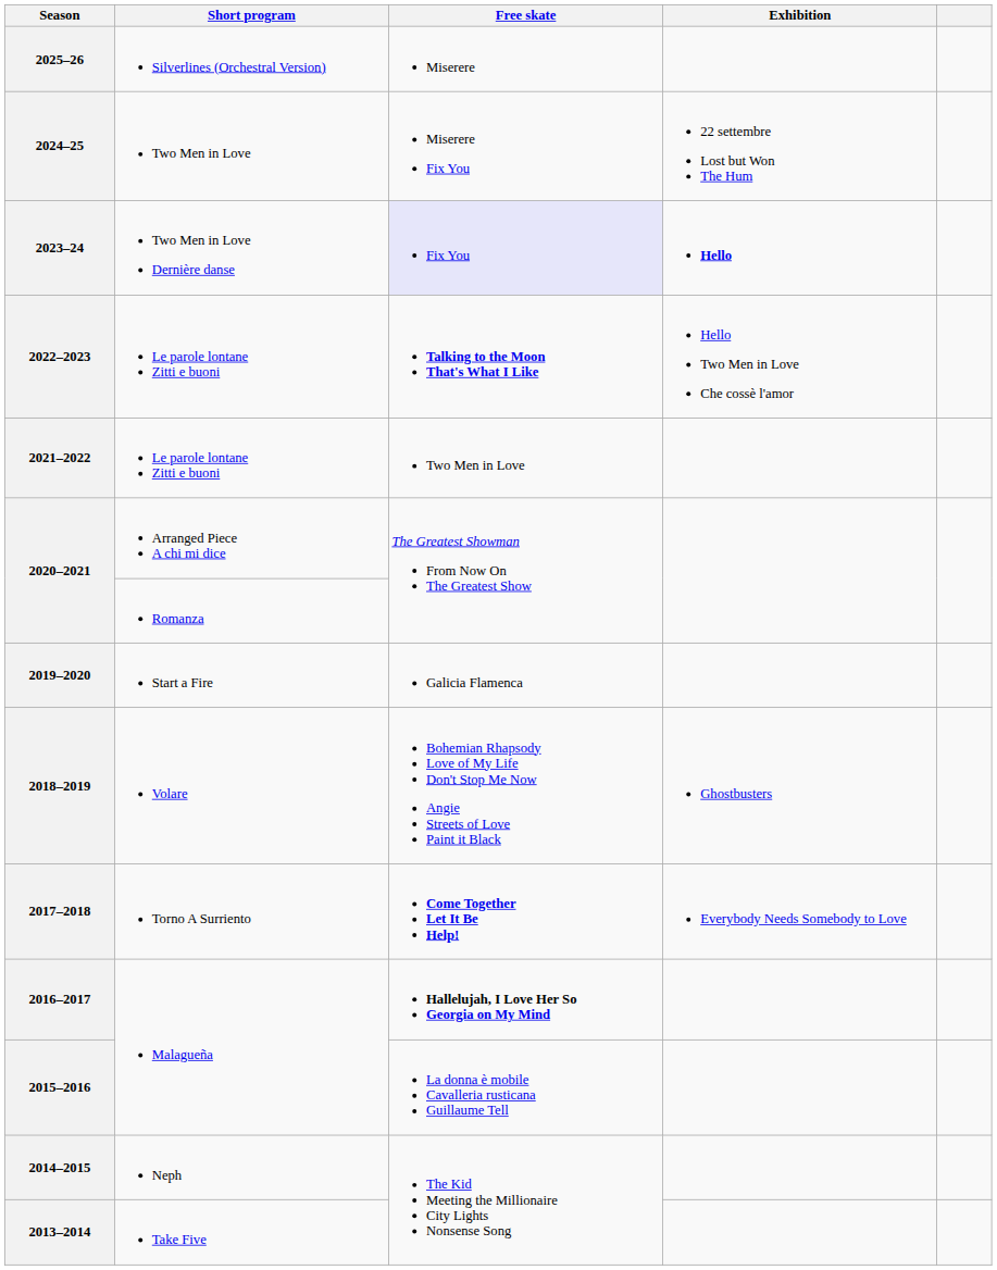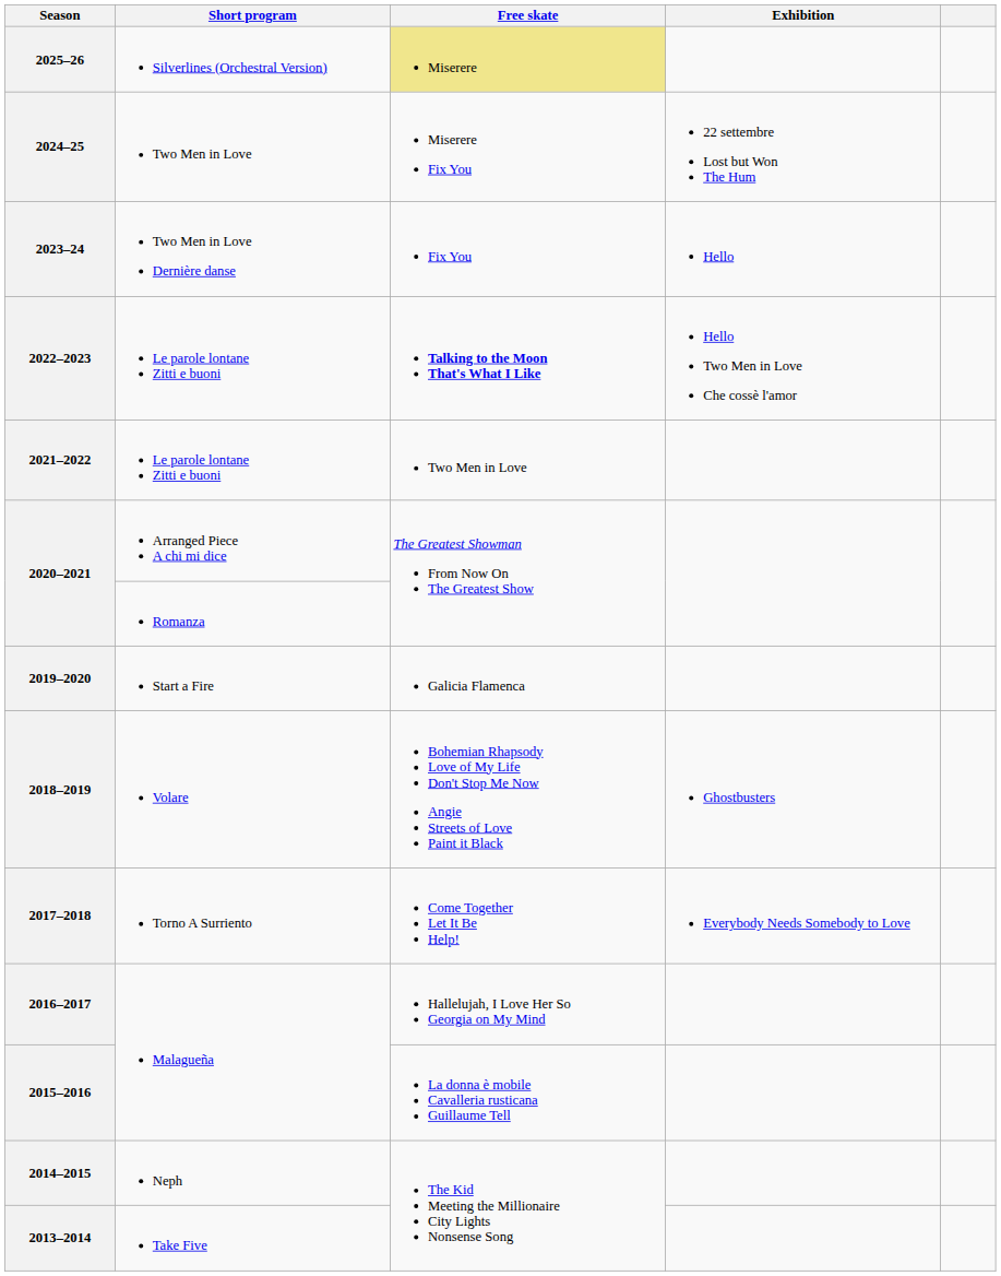 <table class="wikitable unsortable" style="text-align:left">
 <tr>
 <th scope="col" style="text-align:center; width:10%">Season</th>
 <th scope="col" style="text-align:center; width:25%"><a href='#'>Short program</a></th>
 <th scope="col" style="text-align:center; width:25%"><a href='#'>Free skate</a></th>
 <th scope="col" style="text-align:center; width:25%">Exhibition</th>
 <th scope="col" style="text-align:center; width:5%"></th>
 </tr>
 <tr>
 <th scope="row">2025–26</th>
 <td><br><ul><li><a href='#'>Silverlines (Orchestral Version)</a> <br> </li></ul></td>
-<td><br><ul><li>Miserere <br> </li></ul></td>
+<td style="background: khaki;"><br><ul><li>Miserere <br> </li></ul></td>
 <td></td>
 <td></td>
 </tr>
 <tr>
 <th scope="row">2024–25</th>
 <td><br><ul><li>Two Men in Love <br> </li></ul></td>
 <td><br><ul><li>Miserere <br> </li></ul><ul><li><a href='#'>Fix You</a> <br></li></ul></td>
 <td><br><ul><li>22 settembre <br> </li></ul><ul><li>Lost but Won <br> </li><li><a href='#'>The Hum</a> <br> </li></ul></td>
 <td></td>
 </tr>
 <tr>
 <th scope="row">2023–24</th>
 <td><br><ul><li>Two Men in Love <br> </li></ul><ul><li><a href='#'>Dernière danse</a> <br></li></ul></td>
-<td style="background: lavender;"><br><ul><li><a href='#'>Fix You</a> <br></li></ul></td>
-<td><strong><br><ul><li><a href='#'>Hello</a> <br> </li></ul></strong></td>
+<td><br><ul><li><a href='#'>Fix You</a> <br></li></ul></td>
+<td><br><ul><li><a href='#'>Hello</a> <br> </li></ul></td>
 <td></td>
 </tr>
 <tr>
 <th scope="row">2022–2023</th>
 <td><br><ul><li><a href='#'>Le parole lontane</a></li><li><a href='#'>Zitti e buoni</a> <br> </li></ul></td>
 <td><strong><br><ul><li><a href='#'>Talking to the Moon</a> <br> </li><li><a href='#'>That's What I Like</a> <br></li></ul></strong></td>
 <td><br><ul><li><a href='#'>Hello</a> <br> </li></ul><ul><li>Two Men in Love <br> </li></ul><ul><li>Che cossè l'amor <br> </li></ul></td>
 <td></td>
 </tr>
 <tr>
 <th scope="row">2021–2022</th>
 <td><br><ul><li><a href='#'>Le parole lontane</a></li><li><a href='#'>Zitti e buoni</a> <br> </li></ul></td>
 <td><br><ul><li>Two Men in Love <br> </li></ul></td>
 <td></td>
 <td></td>
 </tr>
 <tr>
 <th scope="row" rowspan="2">2020–2021</th>
 <td><br><ul><li>Arranged Piece<br> </li><li><a href='#'>A chi mi dice</a><br> </li></ul></td>
 <td rowspan="2"><em><a href='#'>The Greatest Showman</a></em><br><ul><li>From Now On</li><li><a href='#'>The Greatest Show</a> <br> </li></ul></td>
 <td rowspan="2"></td>
 <td rowspan="2"></td>
 </tr>
 <tr>
 <td><br><ul><li><a href='#'>Romanza</a> <br> </li></ul></td>
 </tr>
 <tr>
 <th scope="row">2019–2020</th>
 <td><br><ul><li>Start a Fire <br> </li></ul></td>
 <td><br><ul><li>Galicia Flamenca <br> </li></ul></td>
 <td></td>
 <td></td>
 </tr>
 <tr>
 <th scope="row">2018–2019 <br></th>
 <td><br><ul><li><a href='#'>Volare</a> <br> </li></ul></td>
 <td><br><ul><li><a href='#'>Bohemian Rhapsody</a></li><li><a href='#'>Love of My Life</a></li><li><a href='#'>Don't Stop Me Now</a> <br> </li></ul><ul><li><a href='#'>Angie</a></li><li><a href='#'>Streets of Love</a></li><li><a href='#'>Paint it Black</a> <br> </li></ul></td>
 <td><br><ul><li><a href='#'>Ghostbusters</a> <br> </li></ul></td>
 <td></td>
 </tr>
 <tr>
 <th scope="row">2017–2018</th>
 <td><br><ul><li>Torno A Surriento <br></li></ul></td>
-<td><strong><br><ul><li><a href='#'>Come Together</a> <br></li><li><a href='#'>Let It Be</a> <br></li><li><a href='#'>Help!</a> <br></li></ul></strong></td>
+<td><br><ul><li><a href='#'>Come Together</a> <br></li><li><a href='#'>Let It Be</a> <br></li><li><a href='#'>Help!</a> <br></li></ul></td>
 <td><br><ul><li><a href='#'>Everybody Needs Somebody to Love</a><br></li></ul></td>
 <td></td>
 </tr>
 <tr>
 <th scope="row">2016–2017</th>
 <td rowspan=2><br><ul><li><a href='#'>Malagueña</a> <br></li></ul></td>
-<td><strong><br><ul><li>Hallelujah, I Love Her So <br></li><li><a href='#'>Georgia on My Mind</a> <br></li></ul></strong></td>
+<td><br><ul><li>Hallelujah, I Love Her So <br></li><li><a href='#'>Georgia on My Mind</a> <br></li></ul></td>
 <td></td>
 <td></td>
 </tr>
 <tr>
 <th scope="row">2015–2016</th>
 <td><br><ul><li><a href='#'>La donna è mobile</a> <br></li><li><a href='#'>Cavalleria rusticana</a> <br></li><li><a href='#'>Guillaume Tell</a> <br></li></ul></td>
 <td></td>
 <td></td>
 </tr>
 <tr>
 <th scope="row">2014–2015</th>
 <td><br><ul><li>Neph <br></li></ul></td>
 <td rowspan=2><br><ul><li><a href='#'>The Kid</a> <br></li><li>Meeting the Millionaire <br></li><li>City Lights <br></li><li>Nonsense Song <br></li></ul></td>
 <td></td>
 <td></td>
 </tr>
 <tr>
 <th scope="row">2013–2014</th>
 <td><br><ul><li><a href='#'>Take Five</a> <br></li></ul></td>
 <td></td>
 <td></td>
 </tr>
 </table>
